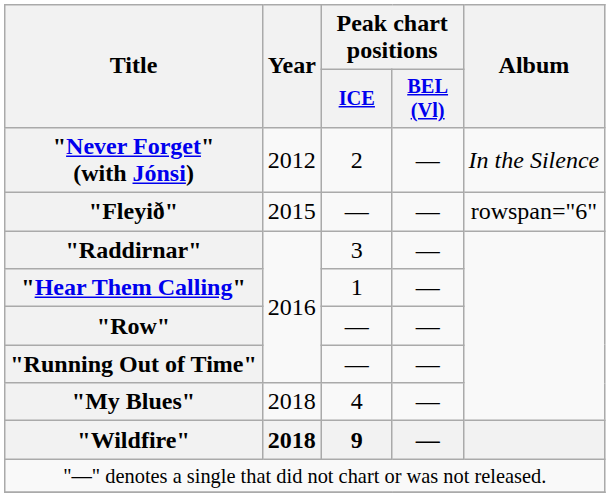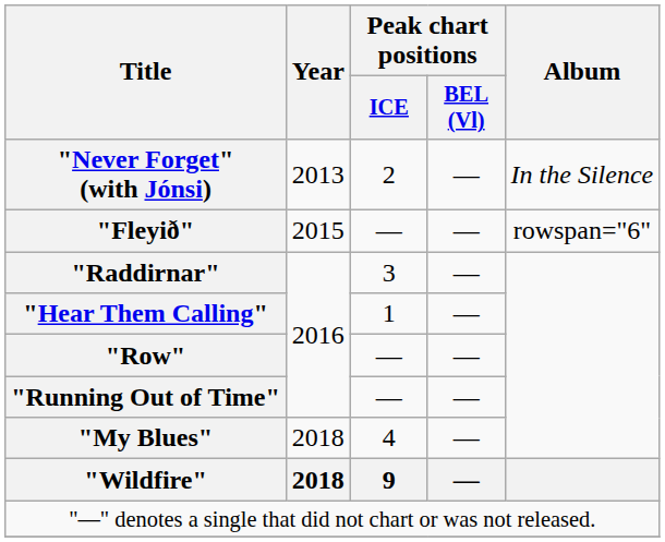 <table class="wikitable plainrowheaders" style="text-align:center;">
 <tr>
 <th scope="col" rowspan="2">Title</th>
 <th scope="col" rowspan="2" style="width:1em;">Year</th>
 <th scope="col" colspan="2">Peak chart positions</th>
 <th scope="col" rowspan="2">Album</th>
 </tr>
 <tr>
 <th scope="col" style="width:3em;font-size:85%;"><a href='#'>ICE</a></th>
 <th scope="col" style="width:3em;font-size:85%;"><a href='#'>BEL<br>(Vl)</a><br></th>
 </tr>
 <tr>
 <th scope="row">"<a href='#'>Never Forget</a>"<br><span>(with <a href='#'>Jónsi</a>)</span></th>
-<td>2012</td>
+<td>2013</td>
 <td>2</td>
 <td>—</td>
 <td><em>In the Silence</em></td>
 </tr>
 <tr>
 <th scope="row">"Fleyið"</th>
 <td>2015</td>
 <td>—</td>
 <td>—</td>
 <td>rowspan="6" </td>
 </tr>
 <tr>
 <th scope="row">"Raddirnar"</th>
 <td rowspan="4">2016</td>
 <td>3</td>
 <td>—</td>
 </tr>
 <tr>
 <th scope="row">"<a href='#'>Hear Them Calling</a>"</th>
 <td>1</td>
 <td>—</td>
 </tr>
 <tr>
 <th scope="row">"Row"</th>
 <td>—</td>
 <td>—</td>
 </tr>
 <tr>
 <th scope="row">"Running Out of Time"</th>
 <td>—</td>
 <td>—</td>
 </tr>
 <tr>
 <th scope="row">"My Blues"</th>
 <td rowspan="1">2018</td>
 <td>4</td>
 <td>—</td>
 </tr>
 <tr>
 <th>"Wildfire"</th>
 <th>2018</th>
 <th>9</th>
 <th>—</th>
 <th></th>
 </tr>
 <tr>
 <td style="text-align:center; font-size:85%;" colspan="10">"—" denotes a single that did not chart or was not released.</td>
 </tr>
 <tr>
 </tr>
 </table>
